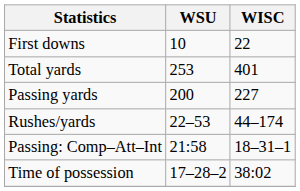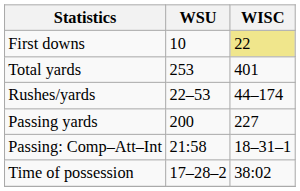 <table class="wikitable" style="float: left;">
 <tr>
 <th>Statistics</th>
 <th>WSU</th>
 <th>WISC</th>
 </tr>
 <tr>
 <td>First downs</td>
 <td>10</td>
-<td>22</td>
+<td style="background: khaki;">22</td>
 </tr>
 <tr>
 <td>Total yards</td>
 <td>253</td>
 <td>401</td>
 </tr>
 <tr>
+<td>Rushes/yards</td>
+<td>22–53</td>
+<td>44–174</td>
+</tr>
+<tr>
 <td>Passing yards</td>
 <td>200</td>
 <td>227</td>
-</tr>
-<tr>
-<td>Rushes/yards</td>
-<td>22–53</td>
-<td>44–174</td>
 </tr>
 <tr>
 <td>Passing: Comp–Att–Int</td>
 <td>21:58</td>
 <td>18–31–1</td>
 </tr>
 <tr>
 <td>Time of possession</td>
 <td>17–28–2</td>
 <td>38:02</td>
 </tr>
 <tr>
 </tr>
 </table>
